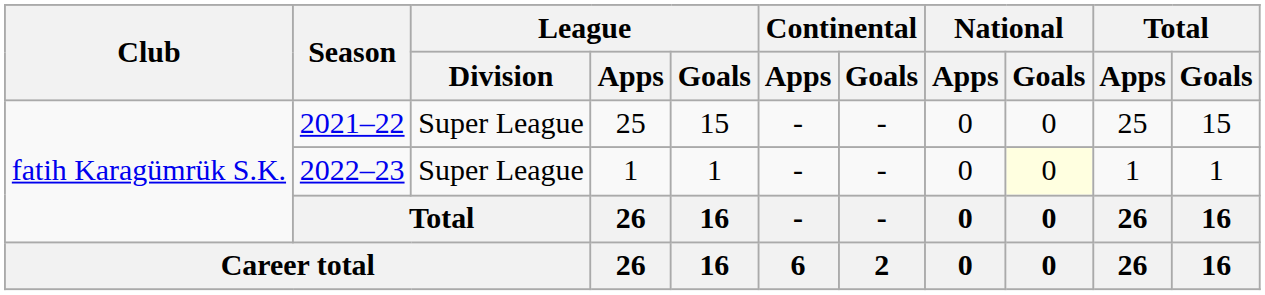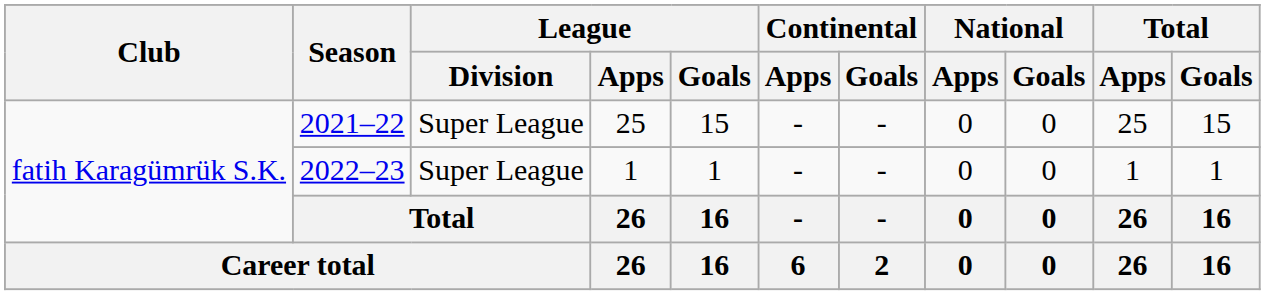 <table class="wikitable" style="text-align: center;">
 <tr>
 <th rowspan=2>Club</th>
 <th rowspan=2>Season</th>
 <th colspan=3>League</th>
 <th colspan=2>Continental</th>
 <th colspan=2>National</th>
 <th colspan=2>Total</th>
 </tr>
 <tr>
 <th>Division</th>
 <th>Apps</th>
 <th>Goals</th>
 <th>Apps</th>
 <th>Goals</th>
 <th>Apps</th>
 <th>Goals</th>
 <th>Apps</th>
 <th>Goals</th>
 </tr>
 <tr>
 <td rowspan=3><a href='#'>fatih Karagümrük S.K.</a></td>
 <td><a href='#'>2021–22</a></td>
 <td>Super League</td>
 <td>25</td>
 <td>15</td>
 <td>-</td>
 <td>-</td>
 <td>0</td>
 <td>0</td>
 <td>25</td>
 <td>15</td>
 </tr>
 <tr>
 <td><a href='#'>2022–23</a></td>
 <td>Super League</td>
 <td>1</td>
 <td>1</td>
 <td>-</td>
 <td>-</td>
 <td>0</td>
-<td style="background: lightyellow;">0</td>
+<td>0</td>
 <td>1</td>
 <td>1</td>
 </tr>
 <tr>
 <th colspan=2>Total</th>
 <th>26</th>
 <th>16</th>
 <th>-</th>
 <th>-</th>
 <th>0</th>
 <th>0</th>
 <th>26</th>
 <th>16</th>
 </tr>
 <tr>
 <th colspan=3>Career total</th>
 <th>26</th>
 <th>16</th>
 <th>6</th>
 <th>2</th>
 <th>0</th>
 <th>0</th>
 <th>26</th>
 <th>16</th>
 </tr>
 </table>
